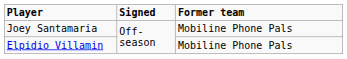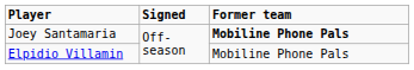 <table class="wikitable sortable sortable">
 <tr>
 <td style="width:140px"><strong>Player</strong></td>
 <td style="width:70px"><strong>Signed</strong></td>
 <td style="width:210px"><strong>Former team</strong></td>
 </tr>
 <tr>
 <td>Joey Santamaria</td>
 <td rowspan="2">Off-season</td>
-<td>Mobiline Phone Pals</td>
+<td><strong>Mobiline Phone Pals</strong></td>
 </tr>
 <tr>
 <td><a href='#'>Elpidio Villamin</a></td>
 <td>Mobiline Phone Pals</td>
 </tr>
 </table>
